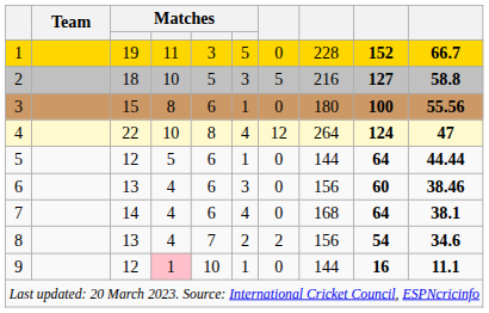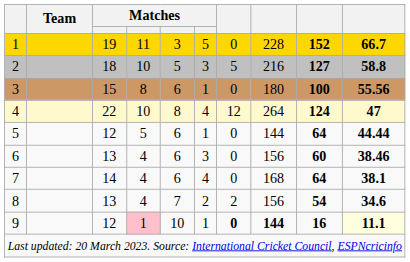 <table class="wikitable sortable"  style="text-align:center;">
 <tr>
 <th rowspan="2"></th>
 <th rowspan="2">Team</th>
 <th colspan="4">Matches</th>
 <th rowspan="2"></th>
 <th rowspan="2"></th>
 <th rowspan="2"></th>
 <th rowspan="2"></th>
 </tr>
 <tr>
 <th></th>
 <th></th>
 <th></th>
 <th></th>
 </tr>
 <tr style="background:gold">
 <td>1</td>
 <td style="text-align:left;"></td>
 <td>19</td>
 <td>11</td>
 <td>3</td>
 <td>5</td>
 <td>0</td>
 <td>228</td>
 <td><strong>152</strong></td>
 <td><strong>66.7</strong></td>
 </tr>
 <tr style="background:silver">
 <td>2</td>
 <td style="text-align:left;"></td>
 <td>18</td>
 <td>10</td>
 <td>5</td>
 <td>3</td>
 <td>5</td>
 <td>216</td>
 <td><strong>127</strong></td>
 <td><strong>58.8</strong></td>
 </tr>
 <tr style="background:#cc9966">
 <td>3</td>
 <td style="text-align:left;"></td>
 <td>15</td>
 <td>8</td>
 <td>6</td>
 <td>1</td>
 <td>0</td>
 <td>180</td>
 <td><strong>100</strong></td>
 <td><strong>55.56</strong></td>
 </tr>
 <tr style="background:lemonchiffon">
 <td>4</td>
 <td style="text-align:left;"></td>
 <td>22</td>
 <td>10</td>
 <td>8</td>
 <td>4</td>
 <td>12</td>
 <td>264</td>
 <td><strong>124</strong></td>
 <td><strong>47</strong></td>
 </tr>
 <tr>
 <td>5</td>
 <td style="text-align:left;"></td>
 <td>12</td>
 <td>5</td>
 <td>6</td>
 <td>1</td>
 <td>0</td>
 <td>144</td>
 <td><strong>64</strong></td>
 <td><strong>44.44</strong></td>
 </tr>
 <tr>
 <td>6</td>
 <td style="text-align:left;"></td>
 <td>13</td>
 <td>4</td>
 <td>6</td>
 <td>3</td>
 <td>0</td>
 <td>156</td>
 <td><strong>60</strong></td>
 <td><strong>38.46</strong></td>
 </tr>
 <tr>
 <td>7</td>
 <td style="text-align:left;"></td>
 <td>14</td>
 <td>4</td>
 <td>6</td>
 <td>4</td>
 <td>0</td>
 <td>168</td>
 <td><strong>64</strong></td>
 <td><strong>38.1</strong></td>
 </tr>
 <tr>
 <td>8</td>
 <td style="text-align:left;"></td>
 <td>13</td>
 <td>4</td>
 <td>7</td>
 <td>2</td>
 <td>2</td>
 <td>156</td>
 <td><strong>54</strong></td>
 <td><strong>34.6</strong></td>
 </tr>
 <tr>
 <td>9</td>
 <td style="text-align:left;"></td>
 <td>12</td>
 <td style="background: pink;">1</td>
 <td>10</td>
 <td>1</td>
-<td>0</td>
-<td>144</td>
+<td><strong>0</strong></td>
+<td><strong>144</strong></td>
 <td><strong>16</strong></td>
-<td><strong>11.1</strong></td>
+<td style="background: lightyellow;"><strong>11.1</strong></td>
 </tr>
 <tr class=sortbottom>
 <td colspan="10" style="text-align:center;"><small><em>Last updated: 20 March 2023. Source: <a href='#'>International Cricket Council</a>, <a href='#'>ESPNcricinfo</a></em></small></td>
 </tr>
 </table>
